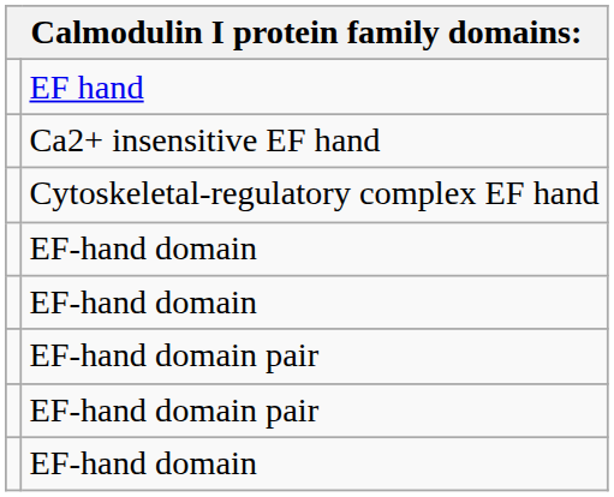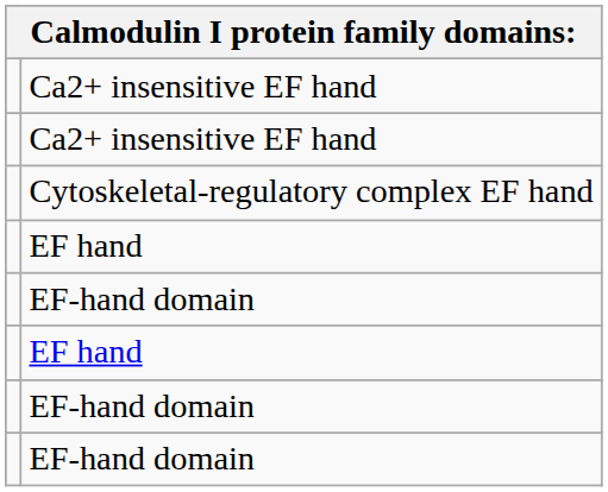 <table class="wikitable">
 <tr>
 <th colspan="2">Calmodulin I protein family domains:</th>
 </tr>
 <tr>
 <td></td>
-<td><a href='#'>EF hand</a></td>
+<td>Ca2+ insensitive EF hand</td>
 </tr>
 <tr>
 <td></td>
 <td>Ca2+ insensitive EF hand</td>
 </tr>
 <tr>
 <td></td>
 <td>Cytoskeletal-regulatory complex EF hand</td>
 </tr>
 <tr>
 <td></td>
-<td>EF-hand domain</td>
+<td>EF hand</td>
 </tr>
 <tr>
 <td></td>
 <td>EF-hand domain</td>
 </tr>
 <tr>
 <td></td>
-<td>EF-hand domain pair</td>
+<td><a href='#'>EF hand</a></td>
 </tr>
 <tr>
 <td></td>
-<td>EF-hand domain pair</td>
+<td>EF-hand domain</td>
 </tr>
 <tr>
 <td></td>
 <td>EF-hand domain</td>
 </tr>
 </table>
